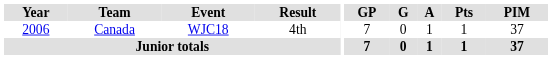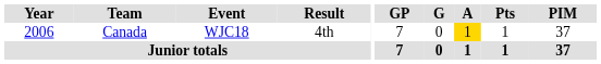 <table border="0" cellpadding="1" cellspacing="0" ID="Table3" style="text-align:center; width:40em">
 <tr ALIGN="center" bgcolor="#e0e0e0">
 <th>Year</th>
 <th>Team</th>
 <th>Event</th>
 <th>Result</th>
 <th rowspan="99" bgcolor="#ffffff"></th>
 <th>GP</th>
 <th>G</th>
 <th>A</th>
 <th>Pts</th>
 <th>PIM</th>
 </tr>
 <tr>
 <td><a href='#'>2006</a></td>
 <td><a href='#'>Canada</a></td>
 <td><a href='#'>WJC18</a></td>
 <td>4th</td>
 <td>7</td>
 <td>0</td>
-<td>1</td>
+<td style="background: gold;">1</td>
 <td>1</td>
 <td>37</td>
 </tr>
 <tr bgcolor="#e0e0e0">
 <th colspan="4">Junior totals</th>
 <th>7</th>
 <th>0</th>
 <th>1</th>
 <th>1</th>
 <th>37</th>
 </tr>
 </table>
